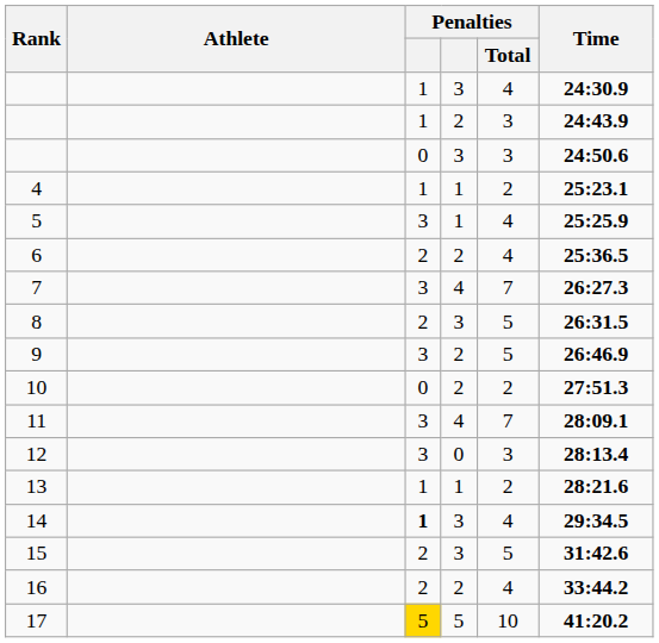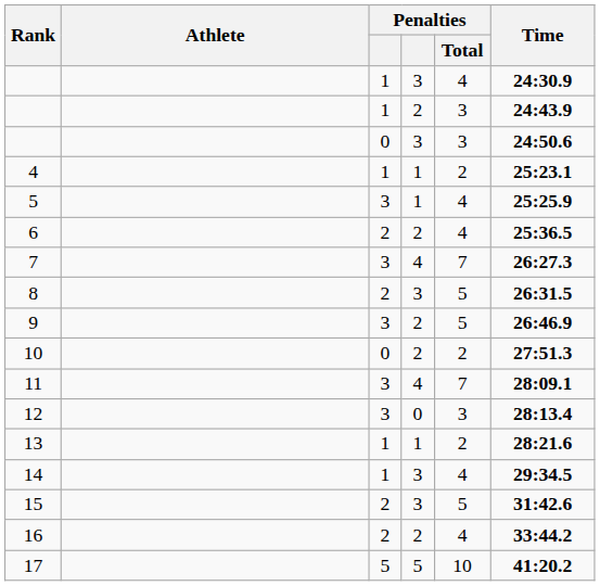 <table class=wikitable style="text-align:center">
 <tr>
 <th rowspan=2 width=40>Rank</th>
 <th rowspan=2 width=250>Athlete</th>
 <th colspan=3>Penalties</th>
 <th rowspan=2 width=80>Time</th>
 </tr>
 <tr>
 <th width=20></th>
 <th width=20></th>
 <th width=40>Total</th>
 </tr>
 <tr>
 <td></td>
 <td align=left></td>
 <td>1</td>
 <td>3</td>
 <td>4</td>
 <td><strong>24:30.9</strong></td>
 </tr>
 <tr>
 <td></td>
 <td align=left></td>
 <td>1</td>
 <td>2</td>
 <td>3</td>
 <td><strong>24:43.9</strong></td>
 </tr>
 <tr>
 <td></td>
 <td align=left></td>
 <td>0</td>
 <td>3</td>
 <td>3</td>
 <td><strong>24:50.6</strong></td>
 </tr>
 <tr>
 <td>4</td>
 <td align=left></td>
 <td>1</td>
 <td>1</td>
 <td>2</td>
 <td><strong>25:23.1</strong></td>
 </tr>
 <tr>
 <td>5</td>
 <td align=left></td>
 <td>3</td>
 <td>1</td>
 <td>4</td>
 <td><strong>25:25.9</strong></td>
 </tr>
 <tr>
 <td>6</td>
 <td align=left></td>
 <td>2</td>
 <td>2</td>
 <td>4</td>
 <td><strong>25:36.5</strong></td>
 </tr>
 <tr>
 <td>7</td>
 <td align=left></td>
 <td>3</td>
 <td>4</td>
 <td>7</td>
 <td><strong>26:27.3</strong></td>
 </tr>
 <tr>
 <td>8</td>
 <td align=left></td>
 <td>2</td>
 <td>3</td>
 <td>5</td>
 <td><strong>26:31.5</strong></td>
 </tr>
 <tr>
 <td>9</td>
 <td align=left></td>
 <td>3</td>
 <td>2</td>
 <td>5</td>
 <td><strong>26:46.9</strong></td>
 </tr>
 <tr>
 <td>10</td>
 <td align=left></td>
 <td>0</td>
 <td>2</td>
 <td>2</td>
 <td><strong>27:51.3</strong></td>
 </tr>
 <tr>
 <td>11</td>
 <td align=left></td>
 <td>3</td>
 <td>4</td>
 <td>7</td>
 <td><strong>28:09.1</strong></td>
 </tr>
 <tr>
 <td>12</td>
 <td align=left></td>
 <td>3</td>
 <td>0</td>
 <td>3</td>
 <td><strong>28:13.4</strong></td>
 </tr>
 <tr>
 <td>13</td>
 <td align=left></td>
 <td>1</td>
 <td>1</td>
 <td>2</td>
 <td><strong>28:21.6</strong></td>
 </tr>
 <tr>
 <td>14</td>
 <td align=left></td>
-<td><strong>1</strong></td>
+<td>1</td>
 <td>3</td>
 <td>4</td>
 <td><strong>29:34.5</strong></td>
 </tr>
 <tr>
 <td>15</td>
 <td align=left></td>
 <td>2</td>
 <td>3</td>
 <td>5</td>
 <td><strong>31:42.6</strong></td>
 </tr>
 <tr>
 <td>16</td>
 <td align=left></td>
 <td>2</td>
 <td>2</td>
 <td>4</td>
 <td><strong>33:44.2</strong></td>
 </tr>
 <tr>
 <td>17</td>
 <td align=left></td>
-<td style="background: gold;">5</td>
+<td>5</td>
 <td>5</td>
 <td>10</td>
 <td><strong>41:20.2</strong></td>
 </tr>
 </table>
